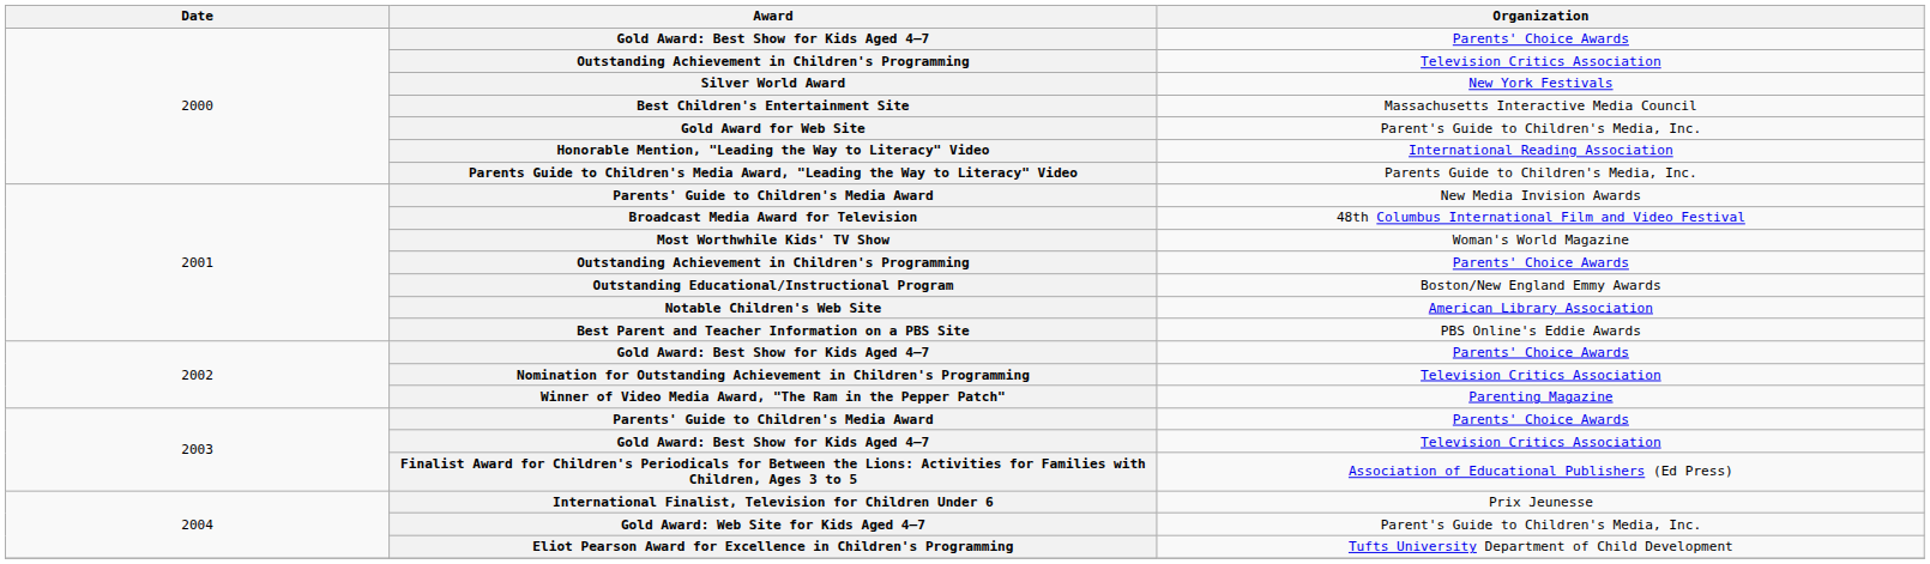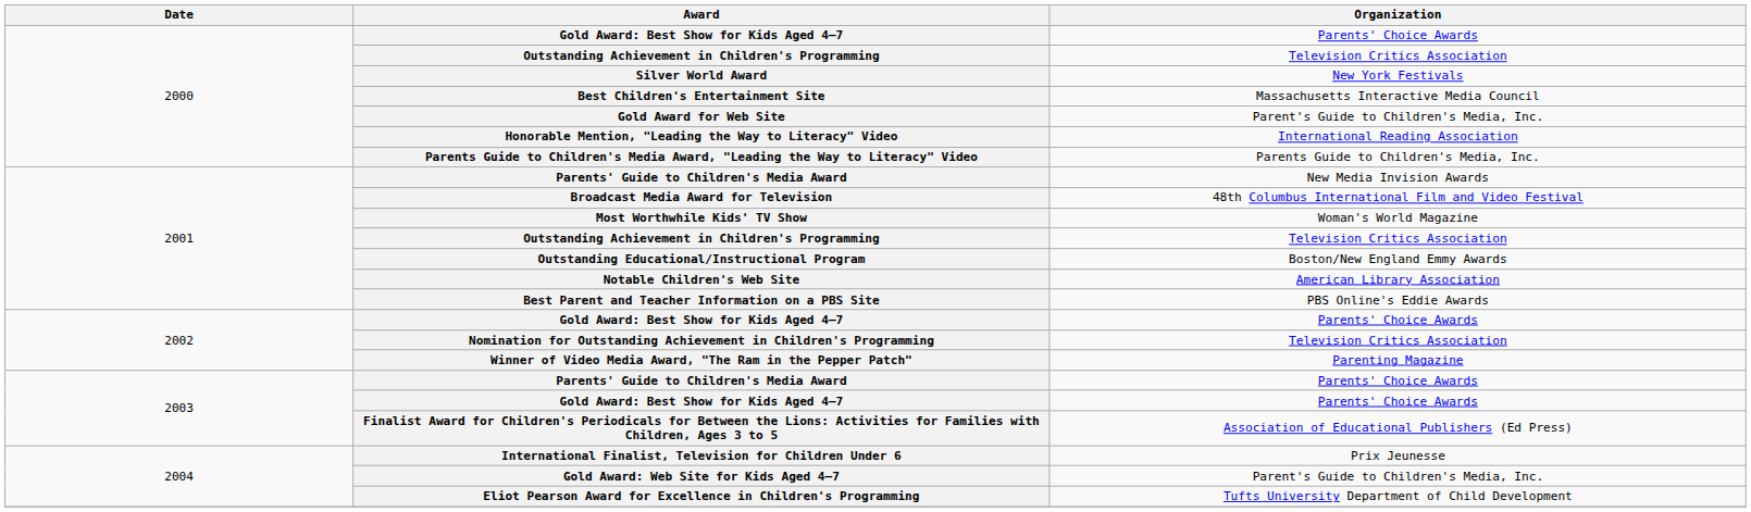 <table class="wikitable plainrowheaders" style="font-size: 90%; text-align:center" width=85%>
 <tr>
 <th scope="col" width="20%">Date</th>
 <th scope="col" width="40%">Award</th>
 <th scope="col" width="40%">Organization</th>
 </tr>
 <tr>
 <td rowspan="7">2000</td>
 <th scope="row" style="text-align:center">Gold Award: Best Show for Kids Aged 4–7</th>
 <td colspan="1”"><a href='#'>Parents' Choice Awards</a></td>
 </tr>
 <tr>
 <th scope="row" style="text-align:center">Outstanding Achievement in Children's Programming</th>
 <td colspan="1”"><a href='#'>Television Critics Association</a></td>
 </tr>
 <tr>
 <th scope="row" style="text-align:center">Silver World Award</th>
 <td colspan="1”"><a href='#'>New York Festivals</a></td>
 </tr>
 <tr>
 <th scope="row" style="text-align:center">Best Children's Entertainment Site</th>
 <td colspan="1”">Massachusetts Interactive Media Council</td>
 </tr>
 <tr>
 <th scope="row" style="text-align:center">Gold Award for Web Site</th>
 <td colspan="1”">Parent's Guide to Children's Media, Inc.</td>
 </tr>
 <tr>
 <th scope="row" style="text-align:center">Honorable Mention, "Leading the Way to Literacy" Video</th>
 <td colspan="1”"><a href='#'>International Reading Association</a></td>
 </tr>
 <tr>
 <th scope="row" style="text-align:center">Parents Guide to Children's Media Award, "Leading the Way to Literacy" Video</th>
 <td colspan="1”">Parents Guide to Children's Media, Inc.</td>
 </tr>
 <tr>
 <td rowspan="7">2001</td>
 <th scope="row" style="text-align:center">Parents' Guide to Children's Media Award</th>
 <td colspan="1”">New Media Invision Awards</td>
 </tr>
 <tr>
 <th scope="row" style="text-align:center">Broadcast Media Award for Television</th>
 <td colspan="1”">48th <a href='#'>Columbus International Film and Video Festival</a></td>
 </tr>
 <tr>
 <th scope="row" style="text-align:center">Most Worthwhile Kids' TV Show</th>
 <td colspan="1”">Woman's World Magazine</td>
 </tr>
 <tr>
 <th scope="row" style="text-align:center">Outstanding Achievement in Children's Programming</th>
-<td colspan="1”"><a href='#'>Parents' Choice Awards</a></td>
+<td colspan="1”"><a href='#'>Television Critics Association</a></td>
 </tr>
 <tr>
 <th scope="row" style="text-align:center">Outstanding Educational/Instructional Program</th>
 <td colspan="1”">Boston/New England Emmy Awards</td>
 </tr>
 <tr>
 <th scope="row" style="text-align:center">Notable Children's Web Site</th>
 <td colspan="1”"><a href='#'>American Library Association</a></td>
 </tr>
 <tr>
 <th scope="row" style="text-align:center">Best Parent and Teacher Information on a PBS Site</th>
 <td colspan="1”">PBS Online's Eddie Awards</td>
 </tr>
 <tr>
 <td rowspan="3">2002</td>
 <th scope="row" style="text-align:center">Gold Award: Best Show for Kids Aged 4–7</th>
 <td colspan="1”"><a href='#'>Parents' Choice Awards</a></td>
 </tr>
 <tr>
 <th scope="row" style="text-align:center">Nomination for Outstanding Achievement in Children's Programming</th>
 <td colspan="1”"><a href='#'>Television Critics Association</a></td>
 </tr>
 <tr>
 <th scope="row" style="text-align:center">Winner of Video Media Award, "The Ram in the Pepper Patch"</th>
 <td colspan="1”"><a href='#'>Parenting Magazine</a></td>
 </tr>
 <tr>
 <td rowspan="3">2003</td>
 <th scope="row" style="text-align:center">Parents' Guide to Children's Media Award</th>
 <td colspan="1”"><a href='#'>Parents' Choice Awards</a></td>
 </tr>
 <tr>
 <th scope="row" style="text-align:center">Gold Award: Best Show for Kids Aged 4–7</th>
-<td colspan="1”"><a href='#'>Television Critics Association</a></td>
+<td colspan="1”"><a href='#'>Parents' Choice Awards</a></td>
 </tr>
 <tr>
 <th scope="row" style="text-align:center">Finalist Award for Children's Periodicals for Between the Lions: Activities for Families with Children, Ages 3 to 5</th>
 <td colspan="1”"><a href='#'>Association of Educational Publishers</a> (Ed Press)</td>
 </tr>
 <tr>
 <td rowspan="3">2004</td>
 <th scope="row" style="text-align:center">International Finalist, Television for Children Under 6</th>
 <td colspan="1”">Prix Jeunesse</td>
 </tr>
 <tr>
 <th scope="row" style="text-align:center">Gold Award: Web Site for Kids Aged 4–7</th>
 <td colspan="1”">Parent's Guide to Children's Media, Inc.</td>
 </tr>
 <tr>
 <th scope="row" style="text-align:center">Eliot Pearson Award for Excellence in Children's Programming</th>
 <td colspan="1”"><a href='#'>Tufts University</a> Department of Child Development</td>
 </tr>
 <tr>
 </tr>
 </table>
